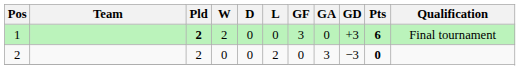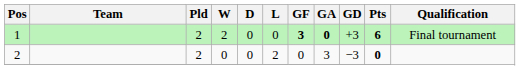 <table class="wikitable" border="1" style="text-align: center;">
 <tr>
 <th width="25"><abbr>Pos</abbr></th>
 <th width="190">Team</th>
 <th width="25"><abbr>Pld</abbr></th>
 <th width="25"><abbr>W</abbr></th>
 <th width="25"><abbr>D</abbr></th>
 <th width="25"><abbr>L</abbr></th>
 <th width="25"><abbr>GF</abbr></th>
 <th width="25"><abbr>GA</abbr></th>
 <th width="25"><abbr>GD</abbr></th>
 <th width="25"><abbr>Pts</abbr></th>
 <th width="150">Qualification</th>
 </tr>
 <tr bgcolor = #BBF3BB>
 <td>1</td>
 <td align="left"></td>
-<td><strong>2</strong></td>
+<td>2</td>
 <td>2</td>
 <td>0</td>
 <td>0</td>
-<td>3</td>
-<td>0</td>
+<td><strong>3</strong></td>
+<td><strong>0</strong></td>
 <td>+3</td>
 <td><strong>6</strong></td>
 <td>Final tournament</td>
 </tr>
 <tr>
 <td>2</td>
 <td align="left"></td>
 <td>2</td>
 <td>0</td>
 <td>0</td>
 <td>2</td>
 <td>0</td>
 <td>3</td>
 <td>−3</td>
 <td><strong>0</strong></td>
 </tr>
 <tr>
 </tr>
 </table>
